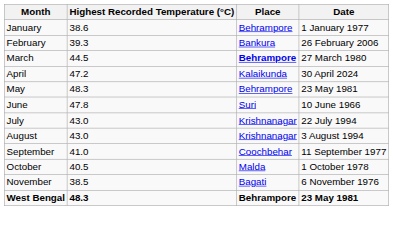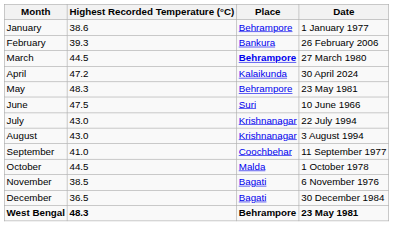 <table class="wikitable">
 <tr>
 <th>Month</th>
 <th>Highest Recorded Temperature (°C)</th>
 <th>Place</th>
 <th>Date</th>
 </tr>
 <tr>
 <td>January</td>
 <td>38.6</td>
 <td><a href='#'>Behrampore</a></td>
 <td>1 January 1977</td>
 </tr>
 <tr>
 <td>February</td>
 <td>39.3</td>
 <td><a href='#'>Bankura</a></td>
 <td>26 February 2006</td>
 </tr>
 <tr>
 <td>March</td>
 <td>44.5</td>
 <td><strong><a href='#'>Behrampore</a></strong></td>
 <td>27 March 1980</td>
 </tr>
 <tr>
 <td>April</td>
 <td>47.2</td>
 <td><a href='#'>Kalaikunda</a></td>
 <td>30 April 2024</td>
 </tr>
 <tr>
 <td>May</td>
 <td>48.3</td>
 <td><a href='#'>Behrampore</a></td>
 <td>23 May 1981</td>
 </tr>
 <tr>
 <td>June</td>
-<td>47.8</td>
+<td>47.5</td>
 <td><a href='#'>Suri</a></td>
 <td>10 June 1966</td>
 </tr>
 <tr>
 <td>July</td>
 <td>43.0</td>
 <td><a href='#'>Krishnanagar</a></td>
 <td>22 July 1994</td>
 </tr>
 <tr>
 <td>August</td>
 <td>43.0</td>
 <td><a href='#'>Krishnanagar</a></td>
 <td>3 August 1994</td>
 </tr>
 <tr>
 <td>September</td>
 <td>41.0</td>
 <td><a href='#'>Coochbehar</a></td>
 <td>11 September 1977</td>
 </tr>
 <tr>
 <td>October</td>
-<td>40.5</td>
+<td>44.5</td>
 <td><a href='#'>Malda</a></td>
 <td>1 October 1978</td>
 </tr>
 <tr>
 <td>November</td>
 <td>38.5</td>
 <td><a href='#'>Bagati</a></td>
 <td>6 November 1976</td>
 </tr>
 <tr>
+<td>December</td>
+<td>36.5</td>
+<td><a href='#'>Bagati</a></td>
+<td>30 December 1984</td>
+</tr>
+<tr>
 <td rowspan=2><strong>West Bengal</strong></td>
 <td><strong>48.3</strong></td>
 <td><strong>Behrampore</strong></td>
 <td><strong>23 May 1981</strong></td>
 </tr>
 </table>
